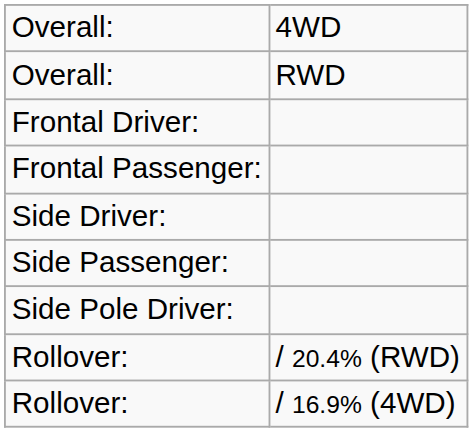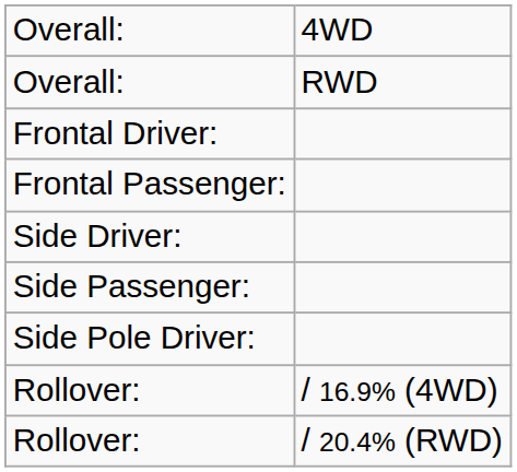 <table class="wikitable">
 <tr>
 <td>Overall:</td>
 <td> 4WD</td>
 </tr>
 <tr>
 <td>Overall:</td>
 <td> RWD</td>
 </tr>
 <tr>
 <td>Frontal Driver:</td>
 <td></td>
 </tr>
 <tr>
 <td>Frontal Passenger:</td>
 <td></td>
 </tr>
 <tr>
 <td>Side Driver:</td>
 <td></td>
 </tr>
 <tr>
 <td>Side Passenger:</td>
 <td></td>
 </tr>
 <tr>
 <td>Side Pole Driver:</td>
 <td></td>
 </tr>
 <tr>
 <td>Rollover:</td>
-<td> / <small>20.4%</small> (RWD)</td>
+<td> / <small>16.9%</small> (4WD)</td>
 </tr>
 <tr>
 <td>Rollover:</td>
-<td> / <small>16.9%</small> (4WD)</td>
+<td> / <small>20.4%</small> (RWD)</td>
 </tr>
 </table>
